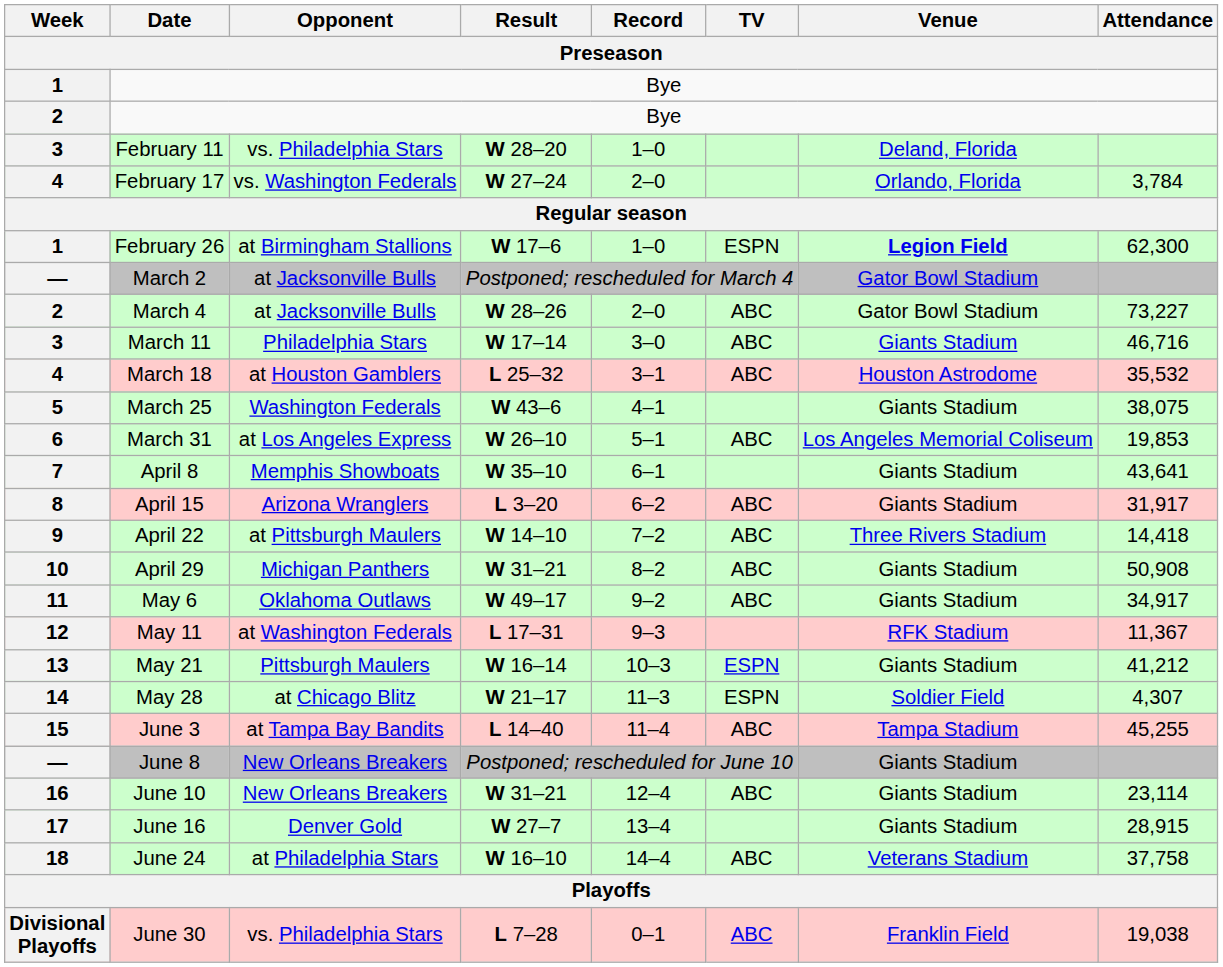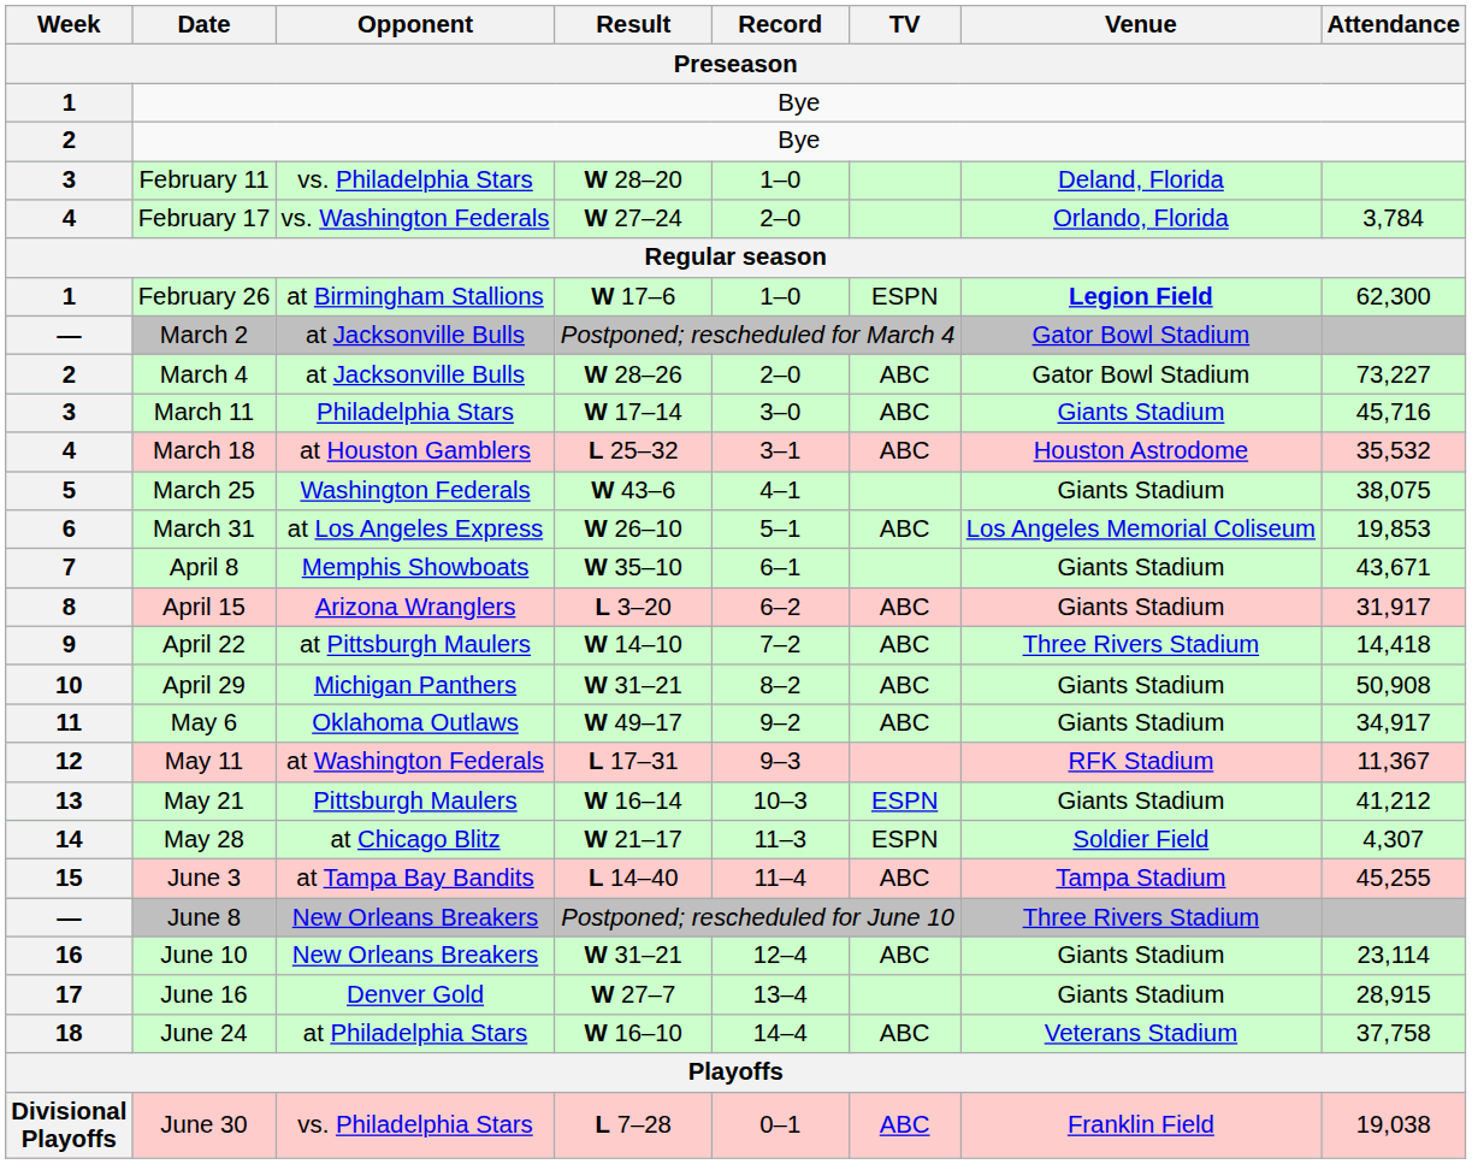 <table class="wikitable" style="text-align:center">
 <tr>
 <th>Week</th>
 <th>Date</th>
 <th>Opponent</th>
 <th>Result</th>
 <th>Record</th>
 <th>TV</th>
 <th>Venue</th>
 <th>Attendance</th>
 </tr>
 <tr>
 <th colspan="9">Preseason</th>
 </tr>
 <tr>
 <th>1</th>
 <td colspan="8">Bye</td>
 </tr>
 <tr>
 <th>2</th>
 <td colspan="8">Bye</td>
 </tr>
 <tr style="background:#cfc">
 <th>3</th>
 <td>February 11</td>
 <td>vs. <a href='#'>Philadelphia Stars</a></td>
 <td><strong>W</strong> 28–20</td>
 <td>1–0</td>
 <td></td>
 <td><a href='#'>Deland, Florida</a></td>
 <td></td>
 </tr>
 <tr style="background:#cfc">
 <th>4</th>
 <td>February 17</td>
 <td>vs. <a href='#'>Washington Federals</a></td>
 <td><strong>W</strong> 27–24</td>
 <td>2–0</td>
 <td></td>
 <td><a href='#'>Orlando, Florida</a></td>
 <td>3,784</td>
 </tr>
 <tr>
 <th colspan="9">Regular season</th>
 </tr>
 <tr style="background:#cfc">
 <th>1</th>
 <td>February 26</td>
 <td>at <a href='#'>Birmingham Stallions</a></td>
 <td><strong>W</strong> 17–6</td>
 <td>1–0</td>
 <td>ESPN</td>
 <td><strong><a href='#'>Legion Field</a></strong></td>
 <td>62,300</td>
 </tr>
 <tr style="background:#BFBFBF;">
 <th>—</th>
 <td>March 2</td>
 <td>at <a href='#'>Jacksonville Bulls</a></td>
 <td colspan="3"><em>Postponed; rescheduled for March 4</em></td>
 <td><a href='#'>Gator Bowl Stadium</a></td>
 <td></td>
 </tr>
 <tr style="background:#cfc">
 <th>2</th>
 <td>March 4</td>
 <td>at <a href='#'>Jacksonville Bulls</a></td>
 <td><strong>W</strong> 28–26</td>
 <td>2–0</td>
 <td>ABC</td>
 <td>Gator Bowl Stadium</td>
 <td>73,227</td>
 </tr>
 <tr style="background:#cfc">
 <th>3</th>
 <td>March 11</td>
 <td><a href='#'>Philadelphia Stars</a></td>
 <td><strong>W</strong> 17–14</td>
 <td>3–0</td>
 <td>ABC</td>
 <td><a href='#'>Giants Stadium</a></td>
-<td>46,716</td>
+<td>45,716</td>
 </tr>
 <tr style="background:#fcc">
 <th>4</th>
 <td>March 18</td>
 <td>at <a href='#'>Houston Gamblers</a></td>
 <td><strong>L</strong> 25–32</td>
 <td>3–1</td>
 <td>ABC</td>
 <td><a href='#'>Houston Astrodome</a></td>
 <td>35,532</td>
 </tr>
 <tr style="background:#cfc">
 <th>5</th>
 <td>March 25</td>
 <td><a href='#'>Washington Federals</a></td>
 <td><strong>W</strong> 43–6</td>
 <td>4–1</td>
 <td></td>
 <td>Giants Stadium</td>
 <td>38,075</td>
 </tr>
 <tr style="background:#cfc">
 <th>6</th>
 <td>March 31</td>
 <td>at <a href='#'>Los Angeles Express</a></td>
 <td><strong>W</strong> 26–10</td>
 <td>5–1</td>
 <td>ABC</td>
 <td><a href='#'>Los Angeles Memorial Coliseum</a></td>
 <td>19,853</td>
 </tr>
 <tr style="background:#cfc">
 <th>7</th>
 <td>April 8</td>
 <td><a href='#'>Memphis Showboats</a></td>
 <td><strong>W</strong> 35–10</td>
 <td>6–1</td>
 <td></td>
 <td>Giants Stadium</td>
-<td>43,641</td>
+<td>43,671</td>
 </tr>
 <tr style="background:#fcc">
 <th>8</th>
 <td>April 15</td>
 <td><a href='#'>Arizona Wranglers</a></td>
 <td><strong>L</strong> 3–20</td>
 <td>6–2</td>
 <td>ABC</td>
 <td>Giants Stadium</td>
 <td>31,917</td>
 </tr>
 <tr style="background:#cfc">
 <th>9</th>
 <td>April 22</td>
 <td>at <a href='#'>Pittsburgh Maulers</a></td>
 <td><strong>W</strong> 14–10</td>
 <td>7–2</td>
 <td>ABC</td>
 <td><a href='#'>Three Rivers Stadium</a></td>
 <td>14,418</td>
 </tr>
 <tr style="background:#cfc">
 <th>10</th>
 <td>April 29</td>
 <td><a href='#'>Michigan Panthers</a></td>
 <td><strong>W</strong> 31–21</td>
 <td>8–2</td>
 <td>ABC</td>
 <td>Giants Stadium</td>
 <td>50,908</td>
 </tr>
 <tr style="background:#cfc">
 <th>11</th>
 <td>May 6</td>
 <td><a href='#'>Oklahoma Outlaws</a></td>
 <td><strong>W</strong> 49–17</td>
 <td>9–2</td>
 <td>ABC</td>
 <td>Giants Stadium</td>
 <td>34,917</td>
 </tr>
 <tr style="background:#fcc">
 <th>12</th>
 <td>May 11</td>
 <td>at <a href='#'>Washington Federals</a></td>
 <td><strong>L</strong> 17–31</td>
 <td>9–3</td>
 <td></td>
 <td><a href='#'>RFK Stadium</a></td>
 <td>11,367</td>
 </tr>
 <tr style="background:#cfc">
 <th>13</th>
 <td>May 21</td>
 <td><a href='#'>Pittsburgh Maulers</a></td>
 <td><strong>W</strong> 16–14</td>
 <td>10–3</td>
 <td><a href='#'>ESPN</a></td>
 <td>Giants Stadium</td>
 <td>41,212</td>
 </tr>
 <tr style="background:#cfc">
 <th>14</th>
 <td>May 28</td>
 <td>at <a href='#'>Chicago Blitz</a></td>
 <td><strong>W</strong> 21–17</td>
 <td>11–3</td>
 <td>ESPN</td>
 <td><a href='#'>Soldier Field</a></td>
 <td>4,307</td>
 </tr>
 <tr style="background:#fcc">
 <th>15</th>
 <td>June 3</td>
 <td>at <a href='#'>Tampa Bay Bandits</a></td>
 <td><strong>L</strong> 14–40</td>
 <td>11–4</td>
 <td>ABC</td>
 <td><a href='#'>Tampa Stadium</a></td>
 <td>45,255</td>
 </tr>
 <tr style="background:#BFBFBF;">
 <th>—</th>
 <td>June 8</td>
 <td><a href='#'>New Orleans Breakers</a></td>
 <td colspan="3"><em>Postponed; rescheduled for June 10</em></td>
-<td>Giants Stadium</td>
+<td><a href='#'>Three Rivers Stadium</a></td>
 <td></td>
 </tr>
 <tr style="background:#cfc">
 <th>16</th>
 <td>June 10</td>
 <td><a href='#'>New Orleans Breakers</a></td>
 <td><strong>W</strong> 31–21</td>
 <td>12–4</td>
 <td>ABC</td>
 <td>Giants Stadium</td>
 <td>23,114</td>
 </tr>
 <tr style="background:#cfc">
 <th>17</th>
 <td>June 16</td>
 <td><a href='#'>Denver Gold</a></td>
 <td><strong>W</strong> 27–7</td>
 <td>13–4</td>
 <td></td>
 <td>Giants Stadium</td>
 <td>28,915</td>
 </tr>
 <tr style="background:#cfc">
 <th>18</th>
 <td>June 24</td>
 <td>at <a href='#'>Philadelphia Stars</a></td>
 <td><strong>W</strong> 16–10</td>
 <td>14–4</td>
 <td>ABC</td>
 <td><a href='#'>Veterans Stadium</a></td>
 <td>37,758</td>
 </tr>
 <tr>
 <th colspan="9">Playoffs</th>
 </tr>
 <tr style="background:#fcc">
 <th>Divisional<br>Playoffs</th>
 <td>June 30</td>
 <td>vs. <a href='#'>Philadelphia Stars</a></td>
 <td><strong>L</strong> 7–28</td>
 <td>0–1</td>
 <td><a href='#'>ABC</a></td>
 <td><a href='#'>Franklin Field</a></td>
 <td>19,038</td>
 </tr>
 </table>
